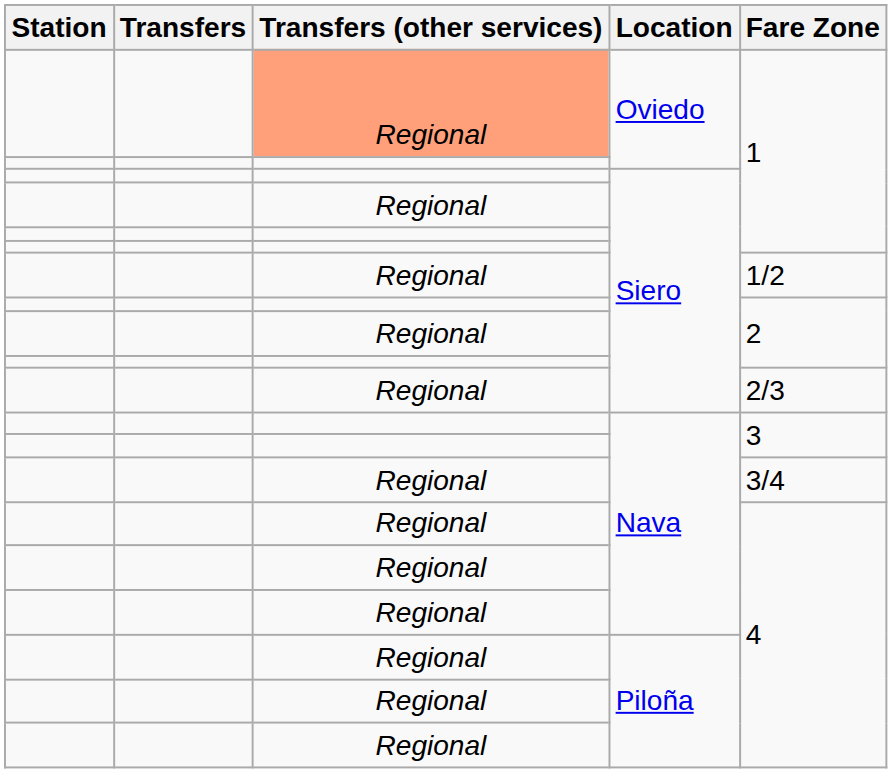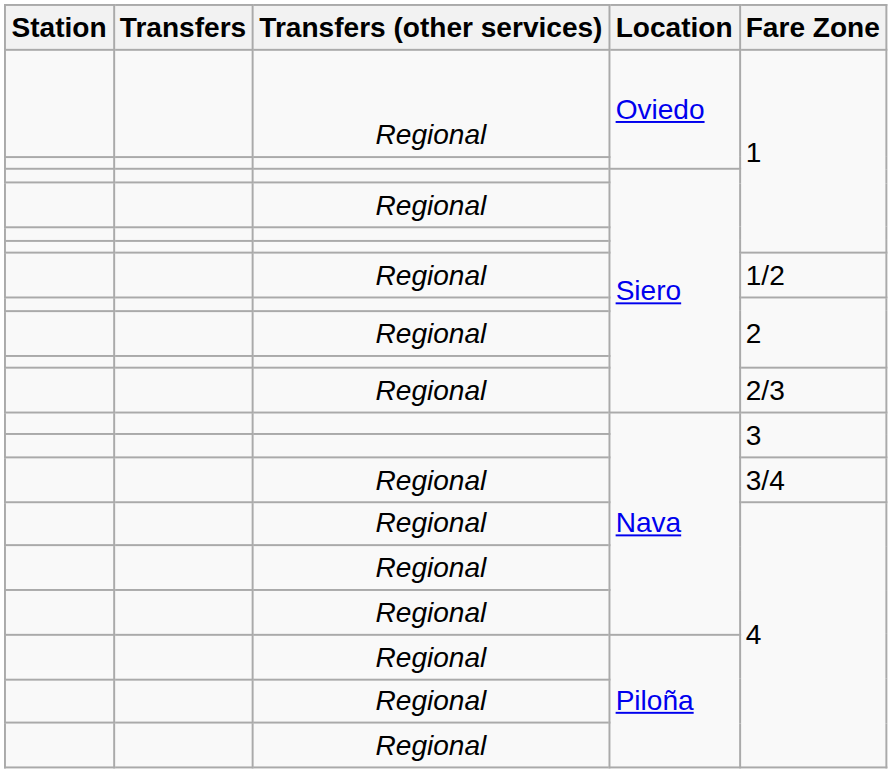 <table class="wikitable" style="font-size:90%">
 <tr>
 <th>Station</th>
 <th>Transfers</th>
 <th>Transfers (other services)</th>
 <th>Location</th>
 <th><strong>Fare Zone</strong></th>
 </tr>
 <tr>
 <td></td>
 <td align="center"></td>
-<td align="center" style="background: lightsalmon;"><br>  <br><em>Regional</em></td>
+<td align="center"><br>  <br><em>Regional</em></td>
 <td rowspan="2"><a href='#'>Oviedo</a></td>
 <td rowspan="6">1</td>
 </tr>
 <tr>
 <td></td>
 <td align="center"></td>
 <td></td>
 </tr>
 <tr>
 <td></td>
 <td align="center"></td>
 <td></td>
 <td rowspan="9"><a href='#'>Siero</a></td>
 </tr>
 <tr>
 <td></td>
 <td align="center"></td>
 <td align="center"><em>Regional</em></td>
 </tr>
 <tr>
 <td></td>
 <td></td>
 <td></td>
 </tr>
 <tr>
 <td></td>
 <td></td>
 <td></td>
 </tr>
 <tr>
 <td></td>
 <td align="center"></td>
 <td align="center"><em>Regional</em></td>
 <td>1/2</td>
 </tr>
 <tr>
 <td></td>
 <td align="center"></td>
 <td></td>
 <td rowspan="3">2</td>
 </tr>
 <tr>
 <td></td>
 <td align="center"></td>
 <td align="center"><em>Regional</em></td>
 </tr>
 <tr>
 <td></td>
 <td align="center"></td>
 <td></td>
 </tr>
 <tr>
 <td></td>
 <td></td>
 <td align="center"><em>Regional</em></td>
 <td>2/3</td>
 </tr>
 <tr>
 <td></td>
 <td></td>
 <td></td>
 <td rowspan="6"><a href='#'>Nava</a></td>
 <td rowspan="2">3</td>
 </tr>
 <tr>
 <td></td>
 <td></td>
 <td></td>
 </tr>
 <tr>
 <td></td>
 <td></td>
 <td align="center"><em>Regional</em></td>
 <td>3/4</td>
 </tr>
 <tr>
 <td></td>
 <td></td>
 <td align="center"><em>Regional</em></td>
 <td rowspan="6">4</td>
 </tr>
 <tr>
 <td></td>
 <td></td>
 <td align="center"><em>Regional</em></td>
 </tr>
 <tr>
 <td></td>
 <td align="center"></td>
 <td align="center"><em>Regional</em></td>
 </tr>
 <tr>
 <td></td>
 <td></td>
 <td align="center"><em>Regional</em></td>
 <td rowspan="3"><a href='#'>Piloña</a></td>
 </tr>
 <tr>
 <td></td>
 <td></td>
 <td align="center"><em>Regional</em></td>
 </tr>
 <tr>
 <td></td>
 <td></td>
 <td align="center"><em>Regional</em></td>
 </tr>
 </table>
